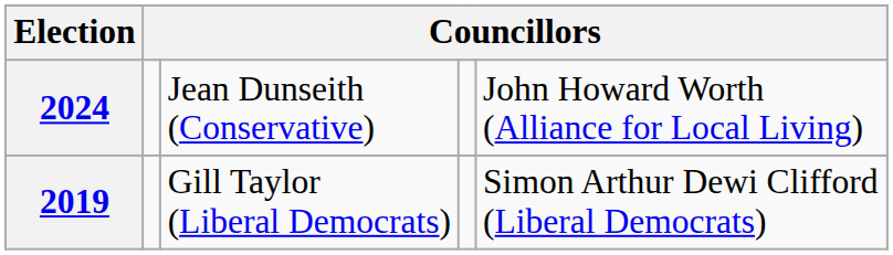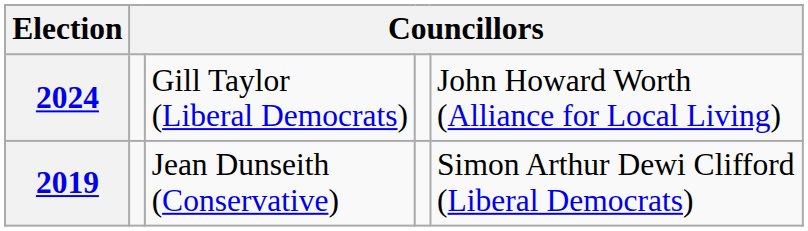 <table class="wikitable">
 <tr>
 <th>Election</th>
 <th colspan="4">Councillors</th>
 </tr>
 <tr>
 <th><a href='#'>2024</a></th>
 <td style="background-color: "></td>
-<td>Jean Dunseith<br>(<a href='#'>Conservative</a>)</td>
+<td>Gill Taylor<br>(<a href='#'>Liberal Democrats</a>)</td>
 <td style="background-color: "></td>
 <td>John Howard Worth<br>(<a href='#'>Alliance for Local Living</a>)</td>
 </tr>
 <tr>
 <th><a href='#'>2019</a></th>
 <td rowspan="5" style="background-color: "></td>
-<td>Gill Taylor<br>(<a href='#'>Liberal Democrats</a>)</td>
+<td>Jean Dunseith<br>(<a href='#'>Conservative</a>)</td>
 <td style="background-color: "></td>
 <td>Simon Arthur Dewi Clifford<br>(<a href='#'>Liberal Democrats</a>)</td>
 </tr>
 </table>
